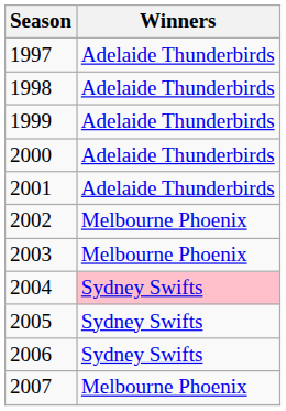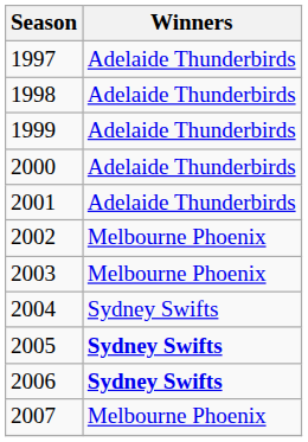 <table class="wikitable collapsible">
 <tr>
 <th>Season</th>
 <th>Winners</th>
 </tr>
 <tr>
 <td>1997</td>
 <td><a href='#'>Adelaide Thunderbirds</a></td>
 </tr>
 <tr>
 <td>1998</td>
 <td><a href='#'>Adelaide Thunderbirds</a></td>
 </tr>
 <tr>
 <td>1999</td>
 <td><a href='#'>Adelaide Thunderbirds</a></td>
 </tr>
 <tr>
 <td>2000</td>
 <td><a href='#'>Adelaide Thunderbirds</a></td>
 </tr>
 <tr>
 <td>2001</td>
 <td><a href='#'>Adelaide Thunderbirds</a></td>
 </tr>
 <tr>
 <td>2002</td>
 <td><a href='#'>Melbourne Phoenix</a></td>
 </tr>
 <tr>
 <td>2003</td>
 <td><a href='#'>Melbourne Phoenix</a></td>
 </tr>
 <tr>
 <td>2004</td>
-<td style="background: pink;"><a href='#'>Sydney Swifts</a></td>
+<td><a href='#'>Sydney Swifts</a></td>
 </tr>
 <tr>
 <td>2005</td>
-<td><a href='#'>Sydney Swifts</a></td>
+<td><strong><a href='#'>Sydney Swifts</a></strong></td>
 </tr>
 <tr>
 <td>2006</td>
-<td><a href='#'>Sydney Swifts</a></td>
+<td><strong><a href='#'>Sydney Swifts</a></strong></td>
 </tr>
 <tr>
 <td>2007</td>
 <td><a href='#'>Melbourne Phoenix</a></td>
 </tr>
 <tr>
 </tr>
 </table>
